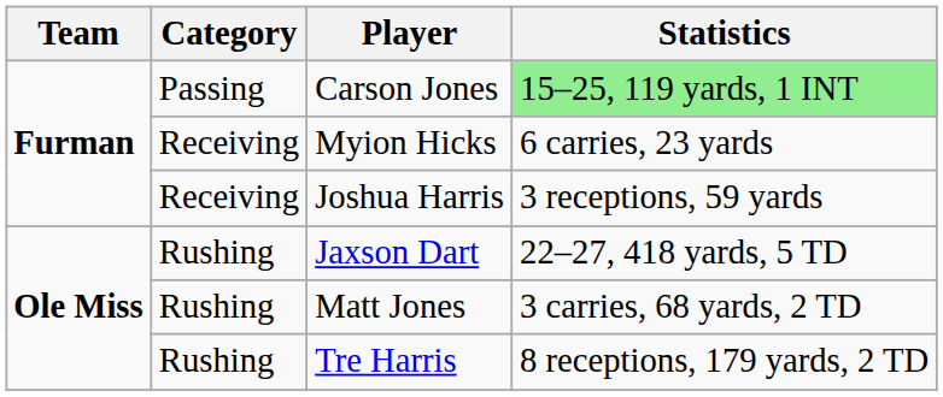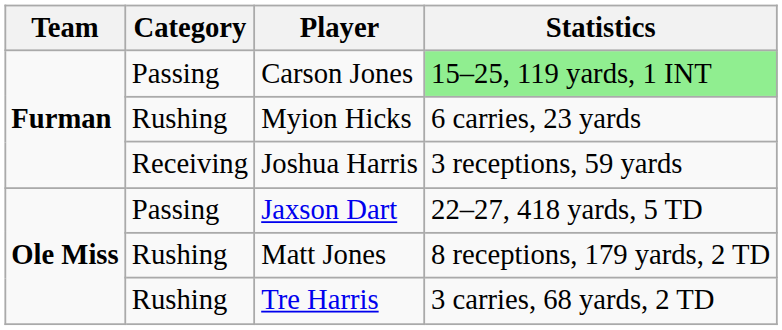 <table class="wikitable" style="float: right;">
 <tr>
 <th>Team</th>
 <th>Category</th>
 <th>Player</th>
 <th>Statistics</th>
 </tr>
 <tr>
 <td rowspan=3><strong>Furman</strong></td>
 <td>Passing</td>
 <td>Carson Jones</td>
 <td style="background: lightgreen;">15–25, 119 yards, 1 INT</td>
 </tr>
 <tr>
-<td>Receiving</td>
+<td>Rushing</td>
 <td>Myion Hicks</td>
 <td>6 carries, 23 yards</td>
 </tr>
 <tr>
 <td>Receiving</td>
 <td>Joshua Harris</td>
 <td>3 receptions, 59 yards</td>
 </tr>
 <tr>
 <td rowspan=3><strong>Ole Miss</strong></td>
-<td>Rushing</td>
+<td>Passing</td>
 <td><a href='#'>Jaxson Dart</a></td>
 <td>22–27, 418 yards, 5 TD</td>
 </tr>
 <tr>
 <td>Rushing</td>
 <td>Matt Jones</td>
-<td>3 carries, 68 yards, 2 TD</td>
+<td>8 receptions, 179 yards, 2 TD</td>
 </tr>
 <tr>
 <td>Rushing</td>
 <td><a href='#'>Tre Harris</a></td>
-<td>8 receptions, 179 yards, 2 TD</td>
+<td>3 carries, 68 yards, 2 TD</td>
 </tr>
 </table>
